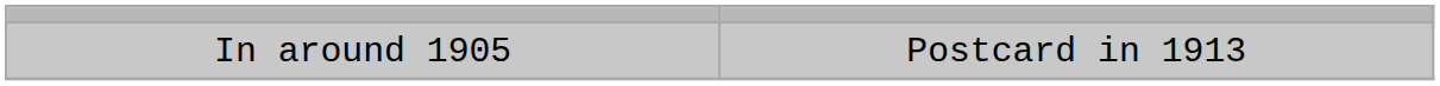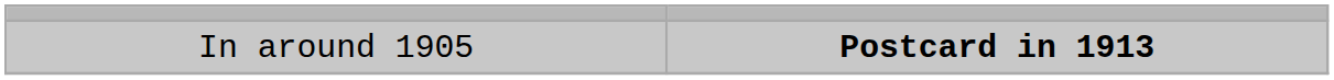 <table class="wikitable" style="text-align:center">
 <tr>
 <td width="25%" style="background:#B8B8B8"></td>
 <td width="25%" style="background:#B8B8B8"></td>
 </tr>
 <tr>
 <td style="background:#C8C8C8">In around 1905</td>
-<td style="background:#C8C8C8">Postcard in 1913</td>
+<td style="background:#C8C8C8"><strong>Postcard in 1913</strong></td>
 </tr>
 <tr>
 </tr>
 </table>
